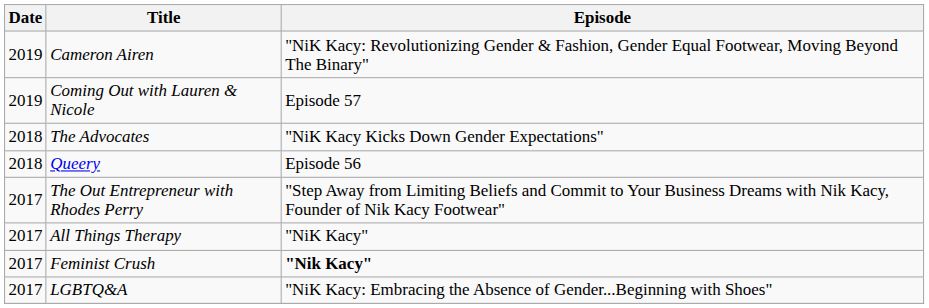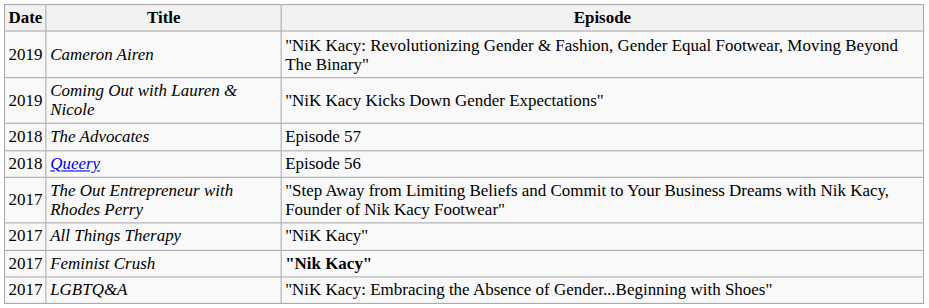 <table class="wikitable">
 <tr>
 <th>Date</th>
 <th>Title</th>
 <th>Episode</th>
 </tr>
 <tr>
 <td>2019</td>
 <td><em>Cameron Airen</em></td>
 <td>"NiK Kacy: Revolutionizing Gender & Fashion, Gender Equal Footwear, Moving Beyond The Binary"</td>
 </tr>
 <tr>
 <td>2019</td>
 <td><em>Coming Out with Lauren & Nicole</em></td>
-<td>Episode 57</td>
+<td>"NiK Kacy Kicks Down Gender Expectations"</td>
 </tr>
 <tr>
 <td>2018</td>
 <td><em>The Advocates</em></td>
-<td>"NiK Kacy Kicks Down Gender Expectations"</td>
+<td>Episode 57</td>
 </tr>
 <tr>
 <td>2018</td>
 <td><em><a href='#'>Queery</a></em></td>
 <td>Episode 56</td>
 </tr>
 <tr>
 <td>2017</td>
 <td><em>The Out Entrepreneur with Rhodes Perry</em></td>
 <td>"Step Away from Limiting Beliefs and Commit to Your Business Dreams with Nik Kacy, Founder of Nik Kacy Footwear"</td>
 </tr>
 <tr>
 <td>2017</td>
 <td><em>All Things Therapy</em></td>
 <td>"NiK Kacy"</td>
 </tr>
 <tr>
 <td>2017</td>
 <td><em>Feminist Crush</em></td>
 <td><strong>"Nik Kacy"</strong></td>
 </tr>
 <tr>
 <td>2017</td>
 <td><em>LGBTQ&A</em></td>
 <td>"NiK Kacy: Embracing the Absence of Gender...Beginning with Shoes"</td>
 </tr>
 <tr>
 </tr>
 </table>
